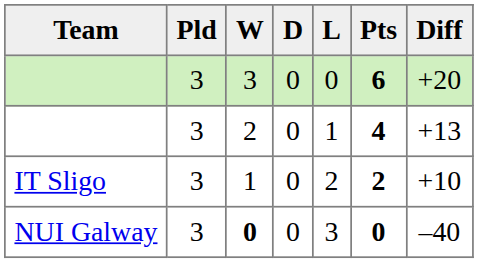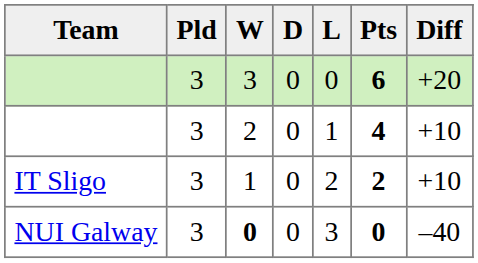 <table style=border-collapse:collapse border=1 cellspacing=0 cellpadding=5>
 <tr align=center bgcolor=#efefef>
 <th>Team</th>
 <th>Pld</th>
 <th>W</th>
 <th>D</th>
 <th>L</th>
 <th>Pts</th>
 <th>Diff</th>
 </tr>
 <tr align=center style="background:#D0F0C0;">
 <td style="text-align:left;"> </td>
 <td>3</td>
 <td>3</td>
 <td>0</td>
 <td>0</td>
 <td><strong>6</strong></td>
 <td>+20</td>
 </tr>
 <tr align=center style="background:#FFFFFF;">
 <td style="text-align:left;"> </td>
 <td>3</td>
 <td>2</td>
 <td>0</td>
 <td>1</td>
 <td><strong>4</strong></td>
-<td>+13</td>
+<td>+10</td>
 </tr>
 <tr align=center style="background:#FFFFFF;">
 <td style="text-align:left;"> <a href='#'>IT Sligo</a></td>
 <td>3</td>
 <td>1</td>
 <td>0</td>
 <td>2</td>
 <td><strong>2</strong></td>
 <td>+10</td>
 </tr>
 <tr align=center style="background:#FFFFFF;">
 <td style="text-align:left;"> <a href='#'>NUI Galway</a></td>
 <td>3</td>
 <td><strong>0</strong></td>
 <td>0</td>
 <td>3</td>
 <td><strong>0</strong></td>
 <td>–40</td>
 </tr>
 </table>
